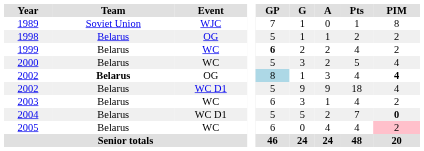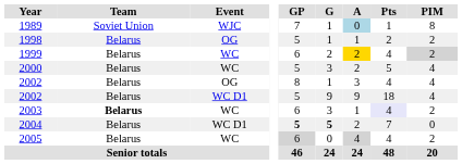 <table border="0" cellpadding="1" cellspacing="0" style="text-align:center; width:40em">
 <tr ALIGN="center" bgcolor="#e0e0e0">
 <th>Year</th>
 <th>Team</th>
 <th>Event</th>
 <th ALIGN="center" rowspan="99" bgcolor="#ffffff"> </th>
 <th>GP</th>
 <th>G</th>
 <th>A</th>
 <th>Pts</th>
 <th>PIM</th>
 </tr>
 <tr>
 <td><a href='#'>1989</a></td>
 <td><a href='#'>Soviet Union</a></td>
 <td><a href='#'>WJC</a></td>
 <td>7</td>
 <td>1</td>
-<td>0</td>
+<td style="background: lightblue;">0</td>
 <td>1</td>
 <td>8</td>
 </tr>
 <tr bgcolor="#f0f0f0">
 <td><a href='#'>1998</a></td>
 <td><a href='#'>Belarus</a></td>
 <td><a href='#'>OG</a></td>
 <td>5</td>
 <td>1</td>
 <td>1</td>
 <td>2</td>
 <td>2</td>
 </tr>
 <tr>
 <td><a href='#'>1999</a></td>
 <td>Belarus</td>
 <td><a href='#'>WC</a></td>
-<td><strong>6</strong></td>
+<td>6</td>
 <td>2</td>
-<td>2</td>
+<td style="background: gold;">2</td>
 <td>4</td>
-<td>2</td>
+<td style="background: lightgrey;">2</td>
 </tr>
 <tr bgcolor="#f0f0f0">
 <td><a href='#'>2000</a></td>
 <td>Belarus</td>
 <td>WC</td>
 <td>5</td>
 <td>3</td>
 <td>2</td>
 <td>5</td>
 <td>4</td>
 </tr>
 <tr>
 <td><a href='#'>2002</a></td>
-<td><strong>Belarus</strong></td>
+<td>Belarus</td>
 <td>OG</td>
-<td style="background: lightblue;">8</td>
+<td>8</td>
 <td>1</td>
 <td>3</td>
 <td>4</td>
-<td><strong>4</strong></td>
+<td>4</td>
 </tr>
 <tr bgcolor="#f0f0f0">
 <td><a href='#'>2002</a></td>
 <td>Belarus</td>
 <td><a href='#'>WC D1</a></td>
 <td>5</td>
 <td>9</td>
 <td>9</td>
 <td>18</td>
 <td>4</td>
 </tr>
 <tr>
 <td><a href='#'>2003</a></td>
-<td>Belarus</td>
+<td><strong>Belarus</strong></td>
 <td>WC</td>
 <td>6</td>
 <td>3</td>
 <td>1</td>
-<td>4</td>
+<td style="background: lavender;">4</td>
 <td>2</td>
 </tr>
 <tr bgcolor="#f0f0f0">
 <td><a href='#'>2004</a></td>
 <td>Belarus</td>
 <td>WC D1</td>
-<td>5</td>
-<td>5</td>
+<td><strong>5</strong></td>
+<td><strong>5</strong></td>
 <td>2</td>
 <td>7</td>
-<td><strong>0</strong></td>
+<td>0</td>
 </tr>
 <tr>
 <td><a href='#'>2005</a></td>
 <td>Belarus</td>
 <td>WC</td>
-<td>6</td>
+<td style="background: lightgrey;">6</td>
 <td>0</td>
+<td style="background: lightgrey;">4</td>
 <td>4</td>
-<td>4</td>
-<td style="background: pink;">2</td>
+<td>2</td>
 </tr>
 <tr bgcolor="#e0e0e0">
 <th colspan=3>Senior totals</th>
 <th>46</th>
 <th>24</th>
 <th>24</th>
 <th>48</th>
 <th>20</th>
 </tr>
 </table>
